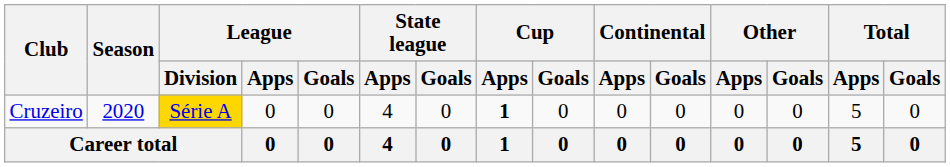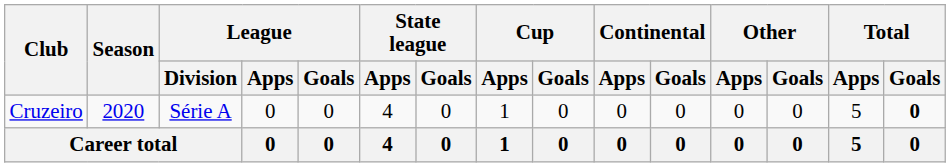 <table class="wikitable" style="text-align: center">
 <tr>
 <th rowspan="2">Club</th>
 <th rowspan="2">Season</th>
 <th colspan="3">League</th>
 <th colspan="2">State league</th>
 <th colspan="2">Cup</th>
 <th colspan="2">Continental</th>
 <th colspan="2">Other</th>
 <th colspan="2">Total</th>
 </tr>
 <tr>
 <th>Division</th>
 <th>Apps</th>
 <th>Goals</th>
 <th>Apps</th>
 <th>Goals</th>
 <th>Apps</th>
 <th>Goals</th>
 <th>Apps</th>
 <th>Goals</th>
 <th>Apps</th>
 <th>Goals</th>
 <th>Apps</th>
 <th>Goals</th>
 </tr>
 <tr>
 <td><a href='#'>Cruzeiro</a></td>
 <td><a href='#'>2020</a></td>
-<td style="background: gold;"><a href='#'>Série A</a></td>
+<td><a href='#'>Série A</a></td>
 <td>0</td>
 <td>0</td>
 <td>4</td>
 <td>0</td>
-<td><strong>1</strong></td>
+<td>1</td>
 <td>0</td>
 <td>0</td>
 <td>0</td>
 <td>0</td>
 <td>0</td>
 <td>5</td>
-<td>0</td>
+<td><strong>0</strong></td>
 </tr>
 <tr>
 <th colspan="3"><strong>Career total</strong></th>
 <th>0</th>
 <th>0</th>
 <th>4</th>
 <th>0</th>
 <th>1</th>
 <th>0</th>
 <th>0</th>
 <th>0</th>
 <th>0</th>
 <th>0</th>
 <th>5</th>
 <th>0</th>
 </tr>
 </table>
